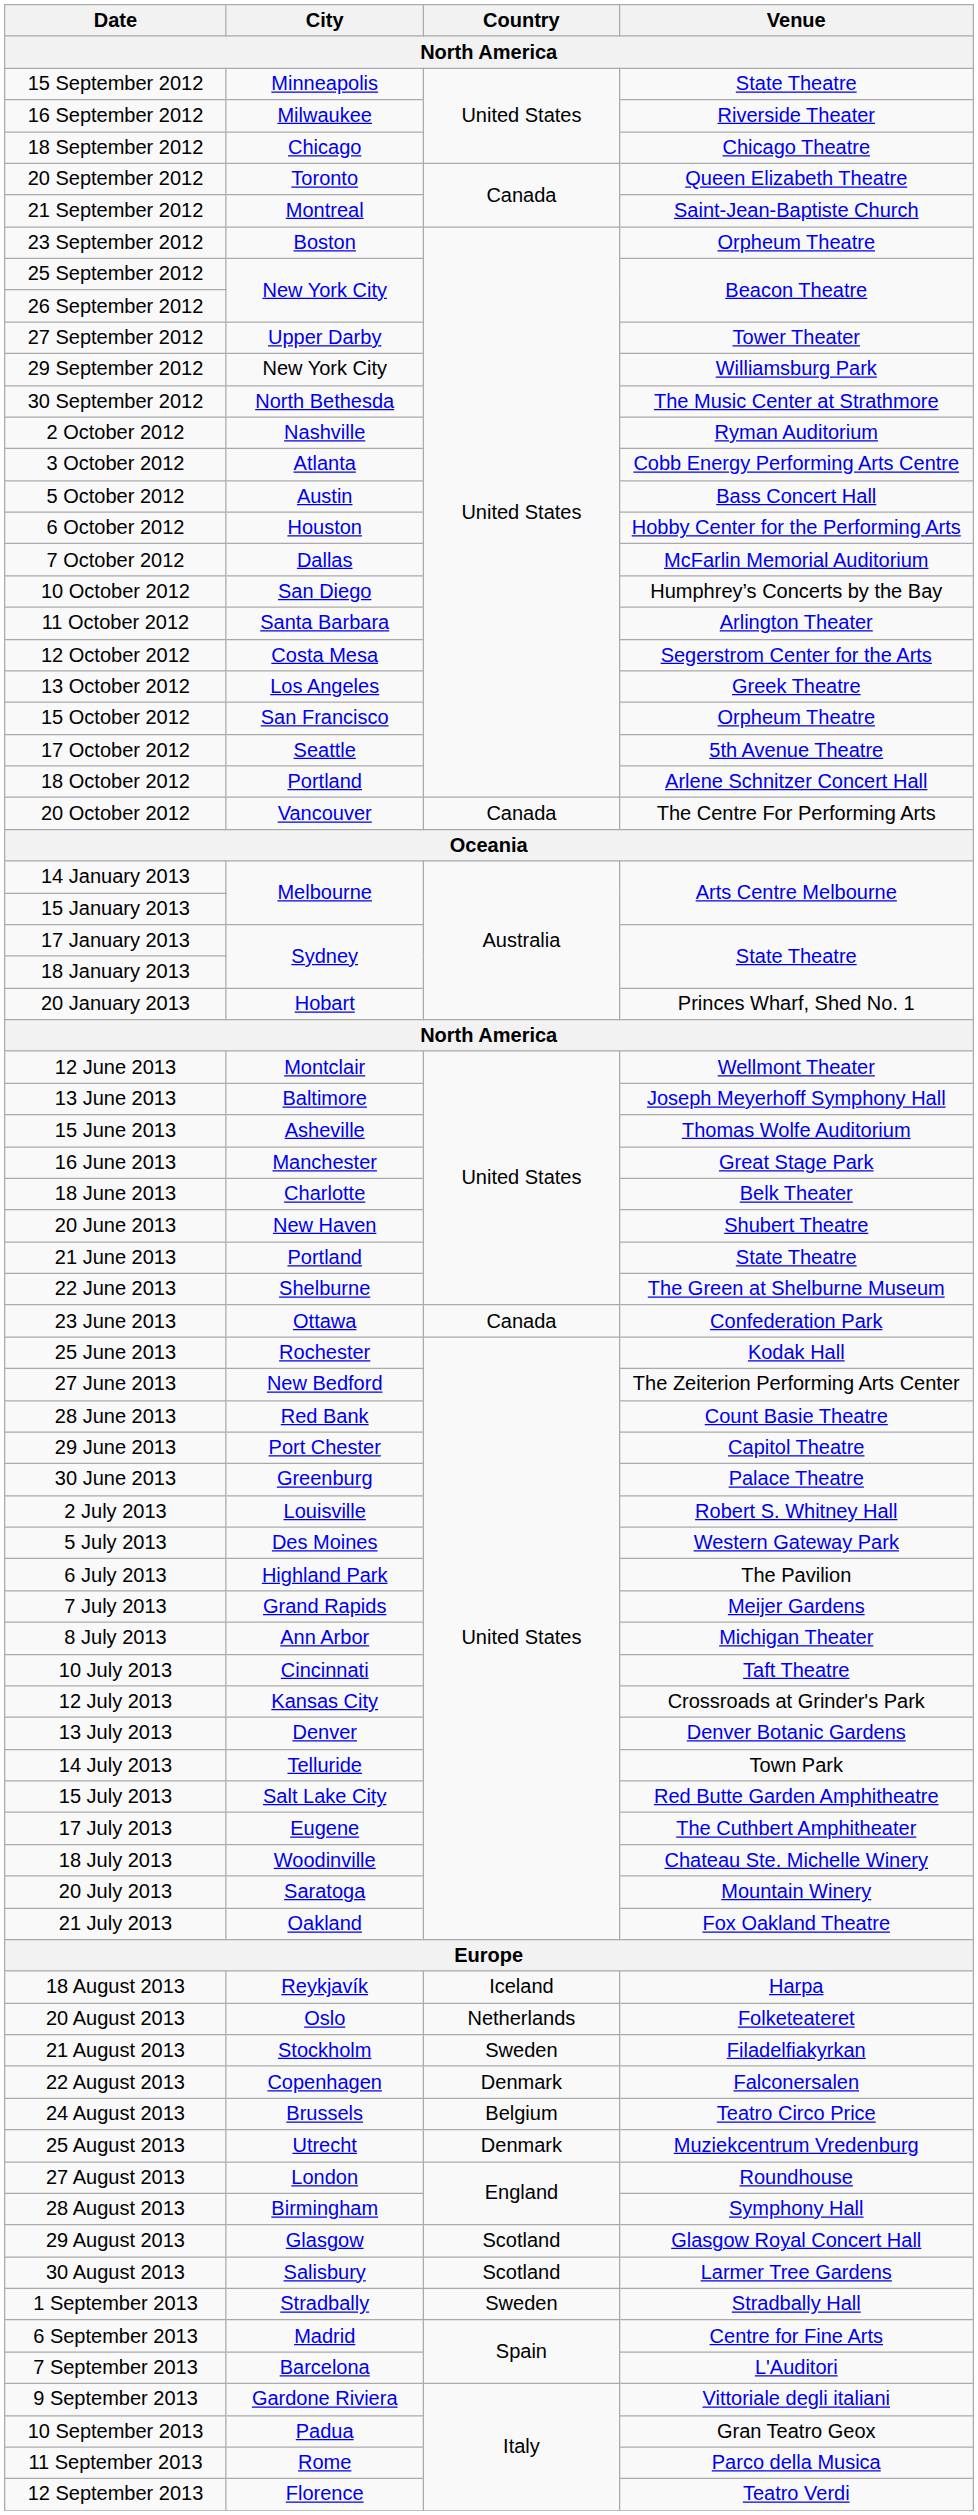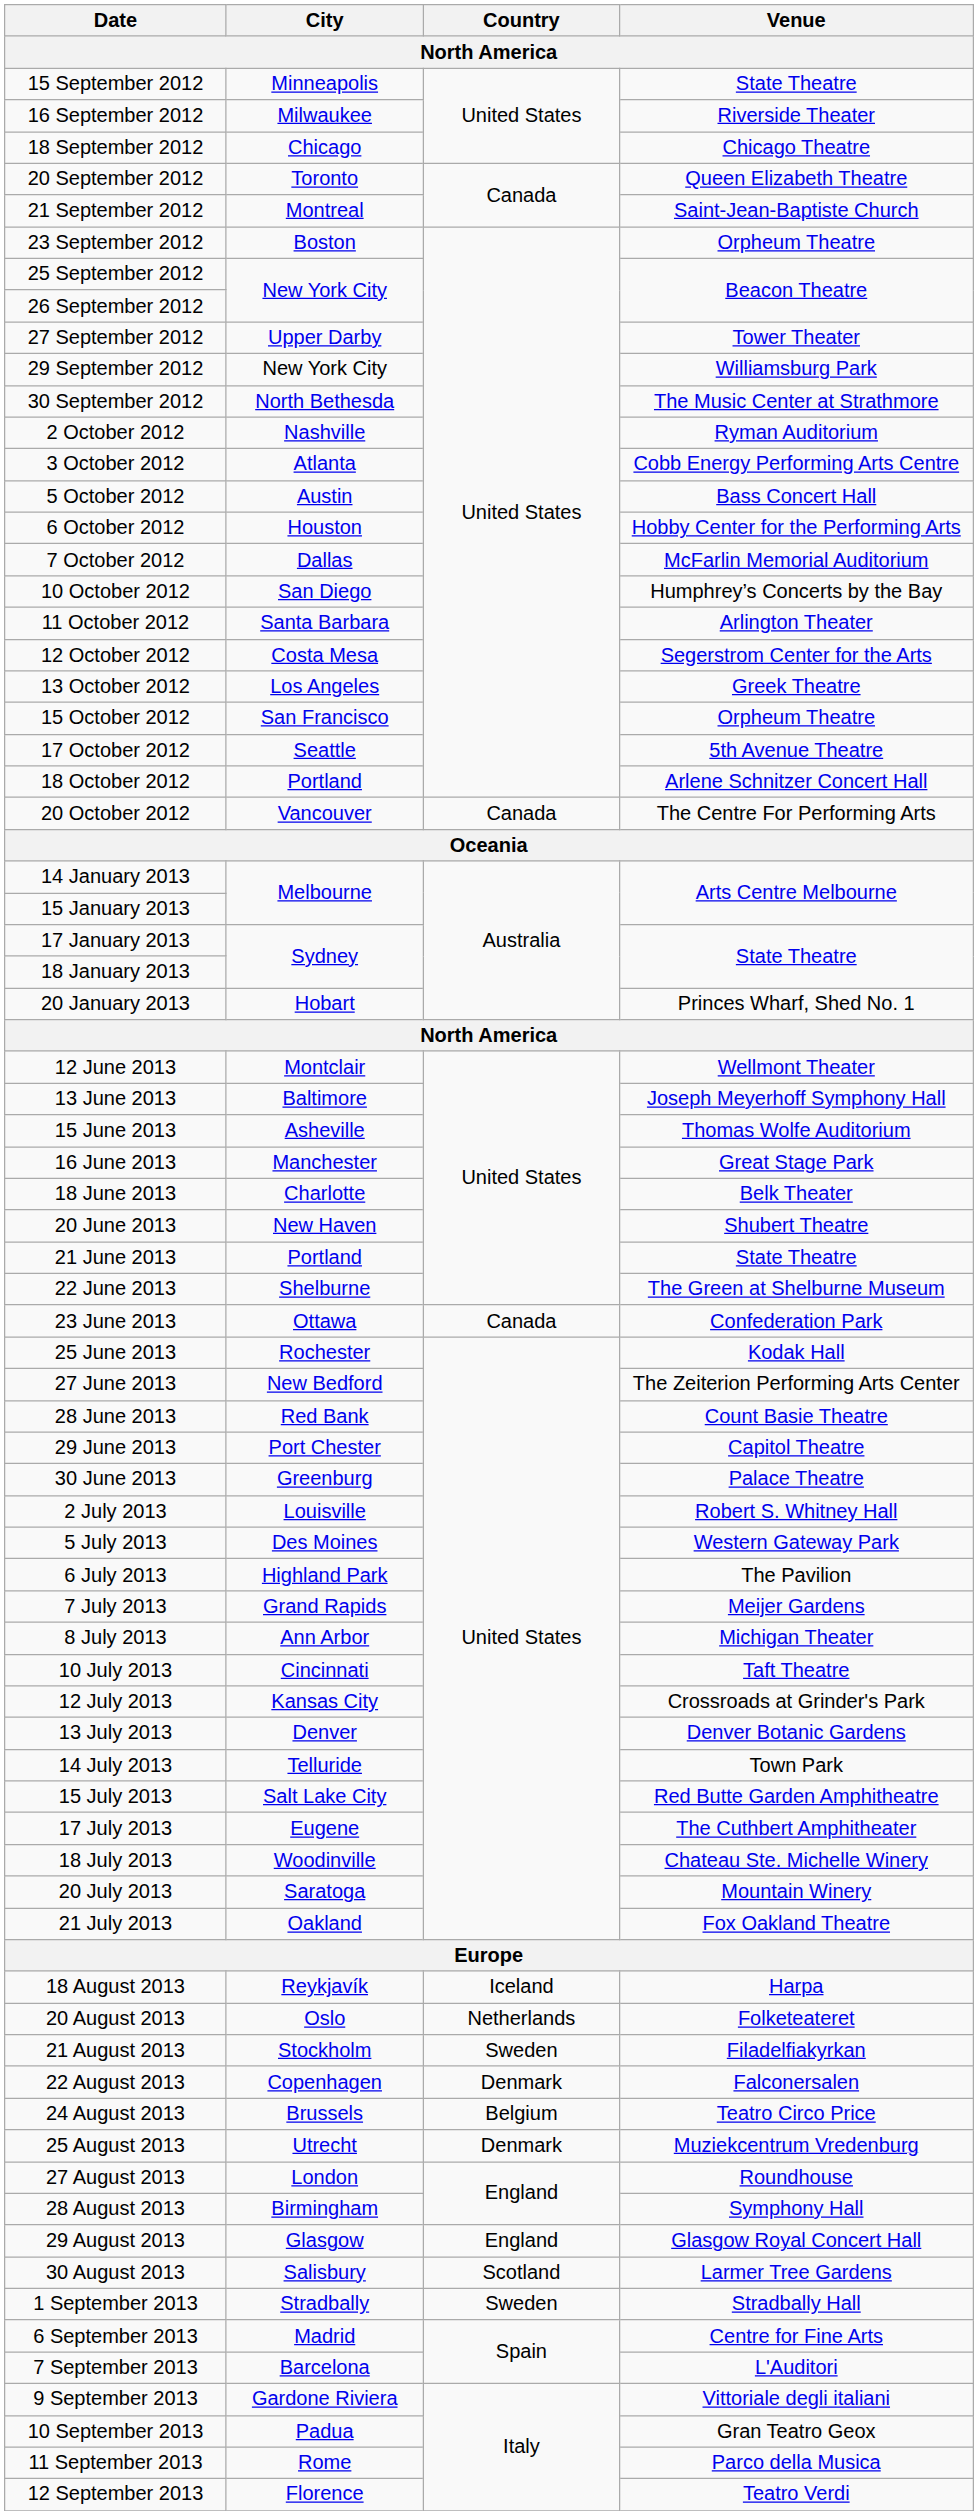 <table class="wikitable" style="text-align:center;">
 <tr>
 <th width="170">Date</th>
 <th width="150">City</th>
 <th width="150">Country</th>
 <th width="275">Venue</th>
 </tr>
 <tr>
 <th colspan="4">North America</th>
 </tr>
 <tr>
 <td>15 September 2012</td>
 <td><a href='#'>Minneapolis</a></td>
 <td rowspan=3>United States</td>
 <td><a href='#'>State Theatre</a></td>
 </tr>
 <tr>
 <td>16 September 2012</td>
 <td><a href='#'>Milwaukee</a></td>
 <td><a href='#'>Riverside Theater</a></td>
 </tr>
 <tr>
 <td>18 September 2012</td>
 <td><a href='#'>Chicago</a></td>
 <td><a href='#'>Chicago Theatre</a></td>
 </tr>
 <tr>
 <td>20 September 2012</td>
 <td><a href='#'>Toronto</a></td>
 <td rowspan=2>Canada</td>
 <td><a href='#'>Queen Elizabeth Theatre</a></td>
 </tr>
 <tr>
 <td>21 September 2012</td>
 <td><a href='#'>Montreal</a></td>
 <td><a href='#'>Saint-Jean-Baptiste Church</a></td>
 </tr>
 <tr>
 <td>23 September 2012</td>
 <td><a href='#'>Boston</a></td>
 <td rowspan=18>United States</td>
 <td><a href='#'>Orpheum Theatre</a></td>
 </tr>
 <tr>
 <td>25 September 2012</td>
 <td rowspan=2><a href='#'>New York City</a></td>
 <td rowspan=2><a href='#'>Beacon Theatre</a></td>
 </tr>
 <tr>
 <td>26 September 2012</td>
 </tr>
 <tr>
 <td>27 September 2012</td>
 <td><a href='#'>Upper Darby</a></td>
 <td><a href='#'>Tower Theater</a></td>
 </tr>
 <tr>
 <td>29 September 2012</td>
 <td>New York City</td>
 <td><a href='#'>Williamsburg Park</a></td>
 </tr>
 <tr>
 <td>30 September 2012</td>
 <td><a href='#'>North Bethesda</a></td>
 <td><a href='#'>The Music Center at Strathmore</a></td>
 </tr>
 <tr>
 <td>2 October 2012</td>
 <td><a href='#'>Nashville</a></td>
 <td><a href='#'>Ryman Auditorium</a></td>
 </tr>
 <tr>
 <td>3 October 2012</td>
 <td><a href='#'>Atlanta</a></td>
 <td><a href='#'>Cobb Energy Performing Arts Centre</a></td>
 </tr>
 <tr>
 <td>5 October 2012</td>
 <td><a href='#'>Austin</a></td>
 <td><a href='#'>Bass Concert Hall</a></td>
 </tr>
 <tr>
 <td>6 October 2012</td>
 <td><a href='#'>Houston</a></td>
 <td><a href='#'>Hobby Center for the Performing Arts</a></td>
 </tr>
 <tr>
 <td>7 October 2012</td>
 <td><a href='#'>Dallas</a></td>
 <td><a href='#'>McFarlin Memorial Auditorium</a></td>
 </tr>
 <tr>
 <td>10 October 2012</td>
 <td><a href='#'>San Diego</a></td>
 <td>Humphrey’s Concerts by the Bay</td>
 </tr>
 <tr>
 <td>11 October 2012</td>
 <td><a href='#'>Santa Barbara</a></td>
 <td><a href='#'>Arlington Theater</a></td>
 </tr>
 <tr>
 <td>12 October 2012</td>
 <td><a href='#'>Costa Mesa</a></td>
 <td><a href='#'>Segerstrom Center for the Arts</a></td>
 </tr>
 <tr>
 <td>13 October 2012</td>
 <td><a href='#'>Los Angeles</a></td>
 <td><a href='#'>Greek Theatre</a></td>
 </tr>
 <tr>
 <td>15 October 2012</td>
 <td><a href='#'>San Francisco</a></td>
 <td><a href='#'>Orpheum Theatre</a></td>
 </tr>
 <tr>
 <td>17 October 2012</td>
 <td><a href='#'>Seattle</a></td>
 <td><a href='#'>5th Avenue Theatre</a></td>
 </tr>
 <tr>
 <td>18 October 2012</td>
 <td><a href='#'>Portland</a></td>
 <td><a href='#'>Arlene Schnitzer Concert Hall</a></td>
 </tr>
 <tr>
 <td>20 October 2012</td>
 <td><a href='#'>Vancouver</a></td>
 <td>Canada</td>
 <td>The Centre For Performing Arts</td>
 </tr>
 <tr>
 <th colspan="4">Oceania</th>
 </tr>
 <tr>
 <td>14 January 2013</td>
 <td rowspan=2><a href='#'>Melbourne</a></td>
 <td rowspan=5>Australia</td>
 <td rowspan=2><a href='#'>Arts Centre Melbourne</a></td>
 </tr>
 <tr>
 <td>15 January 2013</td>
 </tr>
 <tr>
 <td>17 January 2013</td>
 <td rowspan=2><a href='#'>Sydney</a></td>
 <td rowspan=2><a href='#'>State Theatre</a></td>
 </tr>
 <tr>
 <td>18 January 2013</td>
 </tr>
 <tr>
 <td>20 January 2013</td>
 <td><a href='#'>Hobart</a></td>
 <td>Princes Wharf, Shed No. 1</td>
 </tr>
 <tr>
 <th colspan="4">North America</th>
 </tr>
 <tr>
 <td>12 June 2013</td>
 <td><a href='#'>Montclair</a></td>
 <td rowspan=8>United States</td>
 <td><a href='#'>Wellmont Theater</a></td>
 </tr>
 <tr>
 <td>13 June 2013</td>
 <td><a href='#'>Baltimore</a></td>
 <td><a href='#'>Joseph Meyerhoff Symphony Hall</a></td>
 </tr>
 <tr>
 <td>15 June 2013</td>
 <td><a href='#'>Asheville</a></td>
 <td><a href='#'>Thomas Wolfe Auditorium</a></td>
 </tr>
 <tr>
 <td>16 June 2013</td>
 <td><a href='#'>Manchester</a></td>
 <td><a href='#'>Great Stage Park</a></td>
 </tr>
 <tr>
 <td>18 June 2013</td>
 <td><a href='#'> Charlotte</a></td>
 <td><a href='#'>Belk Theater</a></td>
 </tr>
 <tr>
 <td>20 June 2013</td>
 <td><a href='#'>New Haven</a></td>
 <td><a href='#'>Shubert Theatre</a></td>
 </tr>
 <tr>
 <td>21 June 2013</td>
 <td><a href='#'>Portland</a></td>
 <td><a href='#'>State Theatre</a></td>
 </tr>
 <tr>
 <td>22 June 2013</td>
 <td><a href='#'>Shelburne</a></td>
 <td><a href='#'>The Green at Shelburne Museum</a></td>
 </tr>
 <tr>
 <td>23 June 2013</td>
 <td><a href='#'>Ottawa</a></td>
 <td>Canada</td>
 <td><a href='#'>Confederation Park</a></td>
 </tr>
 <tr>
 <td>25 June 2013</td>
 <td><a href='#'>Rochester</a></td>
 <td rowspan=19>United States</td>
 <td><a href='#'>Kodak Hall</a></td>
 </tr>
 <tr>
 <td>27 June 2013</td>
 <td><a href='#'>New Bedford</a></td>
 <td>The Zeiterion Performing Arts Center</td>
 </tr>
 <tr>
 <td>28 June 2013</td>
 <td><a href='#'>Red Bank</a></td>
 <td><a href='#'>Count Basie Theatre</a></td>
 </tr>
 <tr>
 <td>29 June 2013</td>
 <td><a href='#'>Port Chester</a></td>
 <td><a href='#'>Capitol Theatre</a></td>
 </tr>
 <tr>
 <td>30 June 2013</td>
 <td><a href='#'>Greenburg</a></td>
 <td><a href='#'>Palace Theatre</a></td>
 </tr>
 <tr>
 <td>2 July 2013</td>
 <td><a href='#'>Louisville</a></td>
 <td><a href='#'>Robert S. Whitney Hall</a></td>
 </tr>
 <tr>
 <td>5 July 2013</td>
 <td><a href='#'>Des Moines</a></td>
 <td><a href='#'>Western Gateway Park</a></td>
 </tr>
 <tr>
 <td>6 July 2013</td>
 <td><a href='#'>Highland Park</a></td>
 <td>The Pavilion</td>
 </tr>
 <tr>
 <td>7 July 2013</td>
 <td><a href='#'>Grand Rapids</a></td>
 <td><a href='#'>Meijer Gardens</a></td>
 </tr>
 <tr>
 <td>8 July 2013</td>
 <td><a href='#'>Ann Arbor</a></td>
 <td><a href='#'>Michigan Theater</a></td>
 </tr>
 <tr>
 <td>10 July 2013</td>
 <td><a href='#'>Cincinnati</a></td>
 <td><a href='#'>Taft Theatre</a></td>
 </tr>
 <tr>
 <td>12 July 2013</td>
 <td><a href='#'>Kansas City</a></td>
 <td>Crossroads at Grinder's Park</td>
 </tr>
 <tr>
 <td>13 July 2013</td>
 <td><a href='#'>Denver</a></td>
 <td><a href='#'>Denver Botanic Gardens</a></td>
 </tr>
 <tr>
 <td>14 July 2013</td>
 <td><a href='#'>Telluride</a></td>
 <td>Town Park</td>
 </tr>
 <tr>
 <td>15 July 2013</td>
 <td><a href='#'>Salt Lake City</a></td>
 <td><a href='#'>Red Butte Garden Amphitheatre</a></td>
 </tr>
 <tr>
 <td>17 July 2013</td>
 <td><a href='#'>Eugene</a></td>
 <td><a href='#'>The Cuthbert Amphitheater</a></td>
 </tr>
 <tr>
 <td>18 July 2013</td>
 <td><a href='#'>Woodinville</a></td>
 <td><a href='#'>Chateau Ste. Michelle Winery</a></td>
 </tr>
 <tr>
 <td>20 July 2013</td>
 <td><a href='#'>Saratoga</a></td>
 <td><a href='#'>Mountain Winery</a></td>
 </tr>
 <tr>
 <td>21 July 2013</td>
 <td><a href='#'>Oakland</a></td>
 <td><a href='#'>Fox Oakland Theatre</a></td>
 </tr>
 <tr>
 <th colspan="4">Europe</th>
 </tr>
 <tr>
 <td>18 August 2013</td>
 <td><a href='#'>Reykjavík</a></td>
 <td>Iceland</td>
 <td><a href='#'>Harpa</a></td>
 </tr>
 <tr>
 <td>20 August 2013</td>
 <td><a href='#'>Oslo</a></td>
 <td>Netherlands</td>
 <td><a href='#'>Folketeateret</a></td>
 </tr>
 <tr>
 <td>21 August 2013</td>
 <td><a href='#'>Stockholm</a></td>
 <td>Sweden</td>
 <td><a href='#'>Filadelfiakyrkan</a></td>
 </tr>
 <tr>
 <td>22 August 2013</td>
 <td><a href='#'>Copenhagen</a></td>
 <td>Denmark</td>
 <td><a href='#'>Falconersalen</a></td>
 </tr>
 <tr>
 <td>24 August 2013</td>
 <td><a href='#'>Brussels</a></td>
 <td>Belgium</td>
 <td><a href='#'>Teatro Circo Price</a></td>
 </tr>
 <tr>
 <td>25 August 2013</td>
 <td><a href='#'>Utrecht</a></td>
 <td>Denmark</td>
 <td><a href='#'>Muziekcentrum Vredenburg</a></td>
 </tr>
 <tr>
 <td>27 August 2013</td>
 <td><a href='#'>London</a></td>
 <td rowspan="2">England</td>
 <td><a href='#'>Roundhouse</a></td>
 </tr>
 <tr>
 <td>28 August 2013</td>
 <td><a href='#'>Birmingham</a></td>
 <td><a href='#'>Symphony Hall</a></td>
 </tr>
 <tr>
 <td>29 August 2013</td>
 <td><a href='#'>Glasgow</a></td>
-<td>Scotland</td>
+<td>England</td>
 <td><a href='#'>Glasgow Royal Concert Hall</a></td>
 </tr>
 <tr>
 <td>30 August 2013</td>
 <td><a href='#'>Salisbury</a></td>
 <td>Scotland</td>
 <td><a href='#'>Larmer Tree Gardens</a></td>
 </tr>
 <tr>
 <td>1 September 2013</td>
 <td><a href='#'>Stradbally</a></td>
 <td>Sweden</td>
 <td><a href='#'>Stradbally Hall</a></td>
 </tr>
 <tr>
 <td>6 September 2013</td>
 <td><a href='#'>Madrid</a></td>
 <td rowspan=2>Spain</td>
 <td><a href='#'>Centre for Fine Arts</a></td>
 </tr>
 <tr>
 <td>7 September 2013</td>
 <td><a href='#'>Barcelona</a></td>
 <td><a href='#'>L'Auditori</a></td>
 </tr>
 <tr>
 <td>9 September 2013</td>
 <td><a href='#'>Gardone Riviera</a></td>
 <td rowspan=4>Italy</td>
 <td><a href='#'>Vittoriale degli italiani</a></td>
 </tr>
 <tr>
 <td>10 September 2013</td>
 <td><a href='#'>Padua</a></td>
 <td>Gran Teatro Geox</td>
 </tr>
 <tr>
 <td>11 September 2013</td>
 <td><a href='#'>Rome</a></td>
 <td><a href='#'>Parco della Musica</a></td>
 </tr>
 <tr>
 <td>12 September 2013</td>
 <td><a href='#'>Florence</a></td>
 <td><a href='#'>Teatro Verdi</a></td>
 </tr>
 </table>
